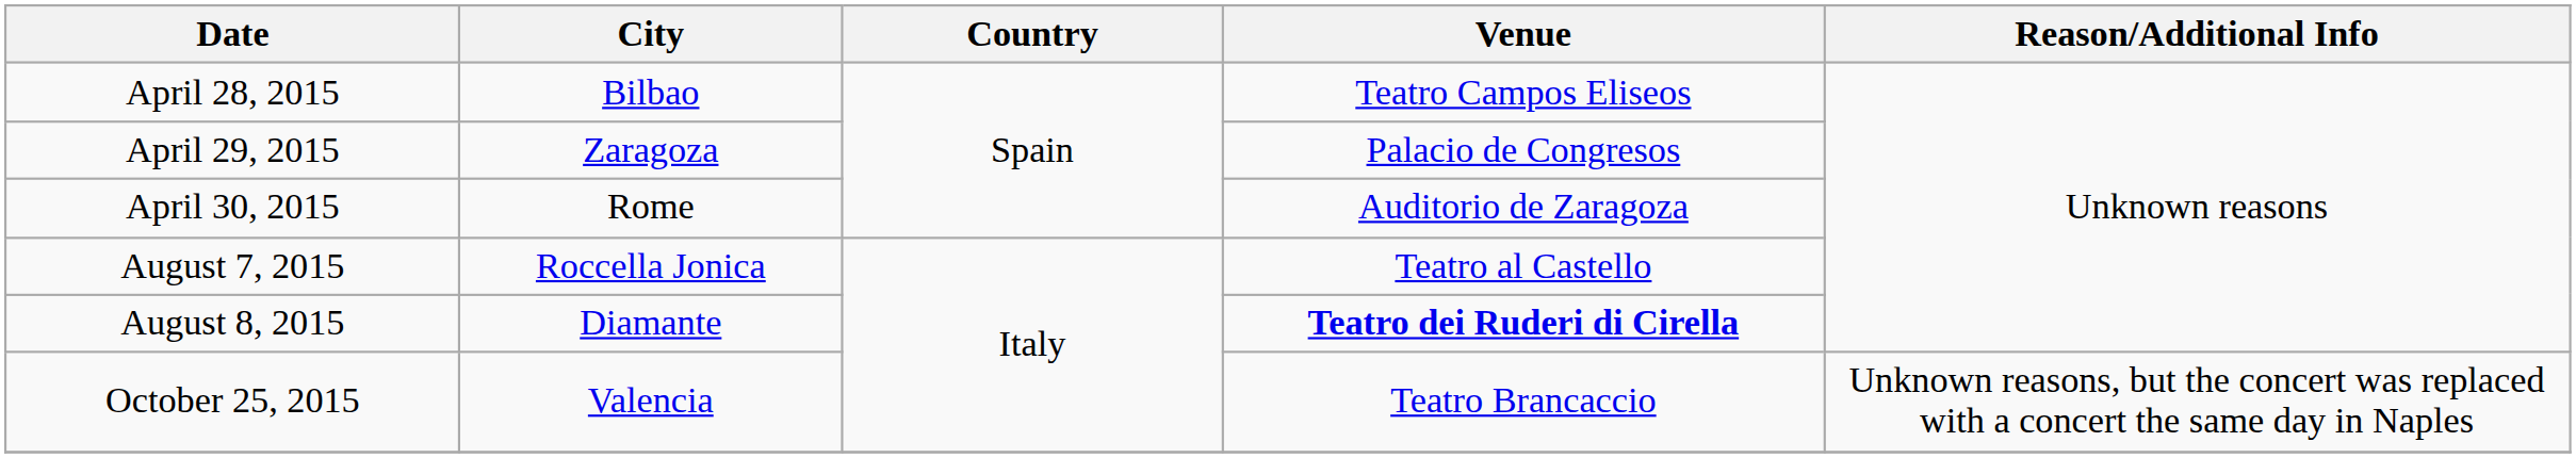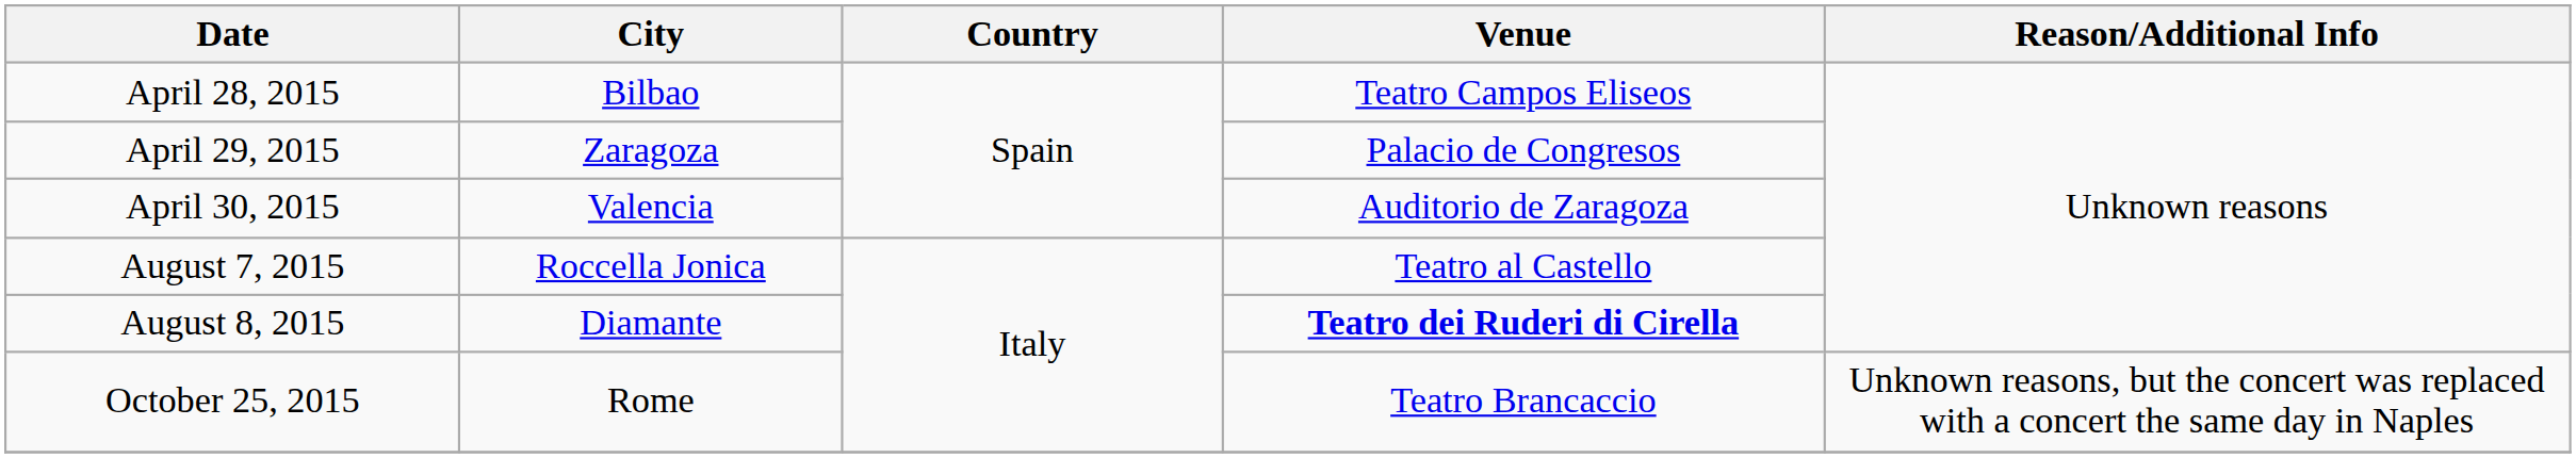 <table class="wikitable" style="text-align:center;">
 <tr>
 <th scope="col" style="width:12em;">Date</th>
 <th scope="col" style="width:10em;">City</th>
 <th scope="col" style="width:10em;">Country</th>
 <th scope="col" style="width:16em;">Venue</th>
 <th scope="col" style="width:20em;">Reason/Additional Info</th>
 </tr>
 <tr>
 <td>April 28, 2015</td>
 <td><a href='#'>Bilbao</a></td>
 <td rowspan="3">Spain</td>
 <td><a href='#'>Teatro Campos Eliseos</a></td>
 <td rowspan=5>Unknown reasons</td>
 </tr>
 <tr>
 <td>April 29, 2015</td>
 <td><a href='#'>Zaragoza</a></td>
 <td><a href='#'>Palacio de Congresos</a></td>
 </tr>
 <tr>
 <td>April 30, 2015</td>
-<td>Rome</td>
+<td><a href='#'>Valencia</a></td>
 <td><a href='#'>Auditorio de Zaragoza</a></td>
 </tr>
 <tr>
 <td>August 7, 2015</td>
 <td><a href='#'>Roccella Jonica</a></td>
 <td rowspan="3">Italy</td>
 <td><a href='#'>Teatro al Castello</a></td>
 </tr>
 <tr>
 <td>August 8, 2015</td>
 <td><a href='#'>Diamante</a></td>
 <td><strong><a href='#'>Teatro dei Ruderi di Cirella</a></strong></td>
 </tr>
 <tr>
 <td>October 25, 2015</td>
-<td><a href='#'>Valencia</a></td>
+<td>Rome</td>
 <td><a href='#'>Teatro Brancaccio</a></td>
 <td>Unknown reasons, but the concert was replaced with a concert the same day in Naples</td>
 </tr>
 <tr>
 </tr>
 </table>
